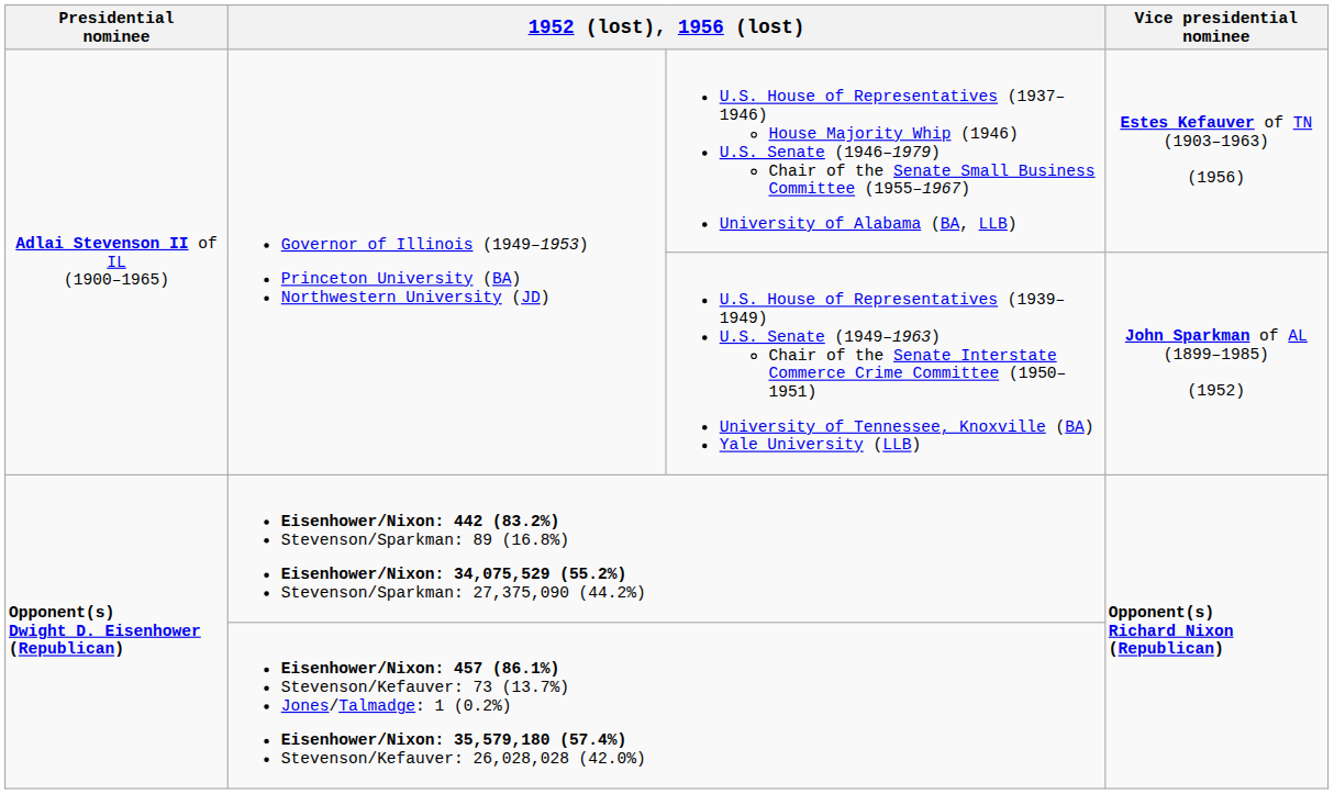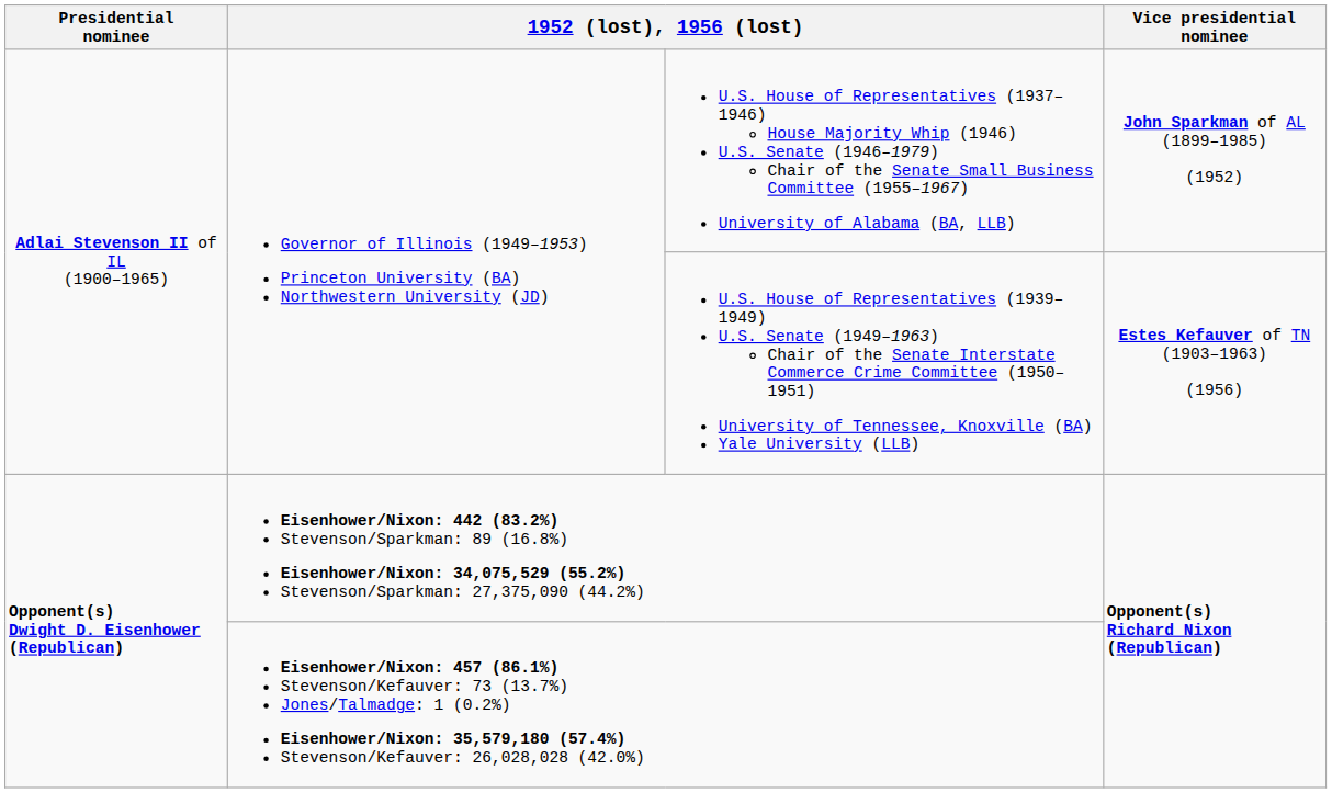 <table class="wikitable">
 <tr>
 <th width=175>Presidential<br>nominee</th>
 <th colspan=2><big><a href='#'>1952</a> (lost), <a href='#'>1956</a> (lost)</big></th>
 <th width=175>Vice presidential<br>nominee</th>
 </tr>
 <tr>
 <td rowspan=2 style="text-align:center;"><strong><a href='#'>Adlai Stevenson II</a></strong> of <a href='#'>IL</a><br>(1900–1965)<br></td>
 <td rowspan=2 width=350><br><ul><li><a href='#'>Governor of Illinois</a> (1949–<em>1953</em>)</li></ul><ul><li><a href='#'>Princeton University</a> (<a href='#'>BA</a>)</li><li><a href='#'>Northwestern University</a> (<a href='#'>JD</a>)</li></ul></td>
 <td width=350><br><ul><li><a href='#'>U.S. House of Representatives</a> (1937–1946)<ul><li><a href='#'>House Majority Whip</a> (1946)</li></ul></li><li><a href='#'>U.S. Senate</a> (1946–<em>1979</em>)<ul><li>Chair of the <a href='#'>Senate Small Business Committee</a> (1955–<em>1967</em>)</li></ul></li></ul><ul><li><a href='#'>University of Alabama</a> (<a href='#'>BA</a>, <a href='#'>LLB</a>)</li></ul></td>
-<td style="text-align:center;"><strong><a href='#'>Estes Kefauver</a></strong> of <a href='#'>TN</a><br>(1903–1963)<br><br>(1956)</td>
+<td style="text-align:center;"><strong><a href='#'>John Sparkman</a></strong> of <a href='#'>AL</a><br>(1899–1985)<br><br>(1952)</td>
 </tr>
 <tr>
 <td><br><ul><li><a href='#'>U.S. House of Representatives</a> (1939–1949)</li><li><a href='#'>U.S. Senate</a> (1949–<em>1963</em>)<ul><li>Chair of the <a href='#'>Senate Interstate Commerce Crime Committee</a> (1950–1951)</li></ul></li></ul><ul><li><a href='#'>University of Tennessee, Knoxville</a> (<a href='#'>BA</a>)</li><li><a href='#'>Yale University</a> (<a href='#'>LLB</a>)</li></ul></td>
-<td style="text-align:center;"><strong><a href='#'>John Sparkman</a></strong> of <a href='#'>AL</a><br>(1899–1985)<br><br>(1952)</td>
+<td style="text-align:center;"><strong><a href='#'>Estes Kefauver</a></strong> of <a href='#'>TN</a><br>(1903–1963)<br><br>(1956)</td>
 </tr>
 <tr>
 <td rowspan=2><strong>Opponent(s)</strong><br><strong><a href='#'>Dwight D. Eisenhower</a> (<a href='#'>Republican</a>)</strong></td>
 <td colspan=2><br><ul><li><strong>Eisenhower/Nixon: 442 (83.2%)</strong></li><li>Stevenson/Sparkman: 89 (16.8%)</li></ul><ul><li><strong>Eisenhower/Nixon: 34,075,529 (55.2%)</strong></li><li>Stevenson/Sparkman: 27,375,090 (44.2%)</li></ul></td>
 <td rowspan=2><strong>Opponent(s)</strong><br><strong><a href='#'>Richard Nixon</a> (<a href='#'>Republican</a>)</strong></td>
 </tr>
 <tr>
 <td colspan=2><br><ul><li><strong>Eisenhower/Nixon: 457 (86.1%)</strong></li><li>Stevenson/Kefauver: 73 (13.7%)</li><li><a href='#'>Jones</a>/<a href='#'>Talmadge</a>: 1 (0.2%)</li></ul><ul><li><strong>Eisenhower/Nixon: 35,579,180 (57.4%)</strong></li><li>Stevenson/Kefauver: 26,028,028 (42.0%)</li></ul></td>
 </tr>
 </table>
